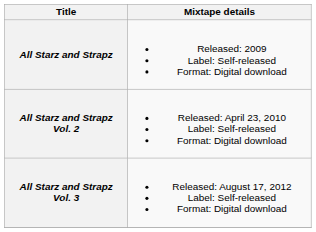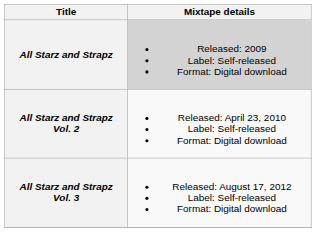 <table class="wikitable plainrowheaders" style="text-align:center;">
 <tr>
 <th scope="col" style="width:12em;">Title</th>
 <th scope="col" style="width:18em;">Mixtape details</th>
 </tr>
 <tr>
 <th scope="row"><em>All Starz and Strapz</em></th>
-<td><br><ul><li>Released: 2009</li><li>Label: Self-released</li><li>Format: Digital download</li></ul></td>
+<td style="background: lightgrey;"><br><ul><li>Released: 2009</li><li>Label: Self-released</li><li>Format: Digital download</li></ul></td>
 </tr>
 <tr>
 <th scope="row"><em>All Starz and Strapz<br>Vol. 2</em></th>
 <td><br><ul><li>Released: April 23, 2010</li><li>Label: Self-released</li><li>Format: Digital download</li></ul></td>
 </tr>
 <tr>
 <th scope="row"><em>All Starz and Strapz<br>Vol. 3</em></th>
 <td><br><ul><li>Released: August 17, 2012</li><li>Label: Self-released</li><li>Format: Digital download</li></ul></td>
 </tr>
 <tr>
 </tr>
 </table>
